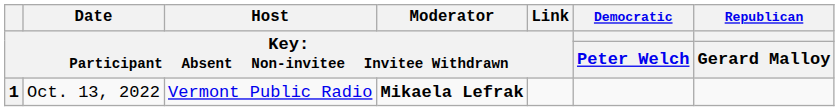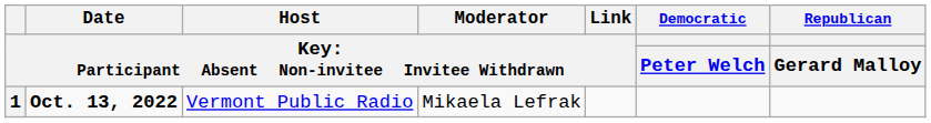 <table class="wikitable" style="text-align:center;">
 <tr style="font-size:small;">
 <th scope="col"></th>
 <th scope="col">Date</th>
 <th scope="col">Host</th>
 <th scope="col">Moderator</th>
 <th scope="col">Link</th>
 <th scope="col"><small><a href='#'>Democratic</a></small></th>
 <th scope="col"><small><a href='#'>Republican</a></small></th>
 </tr>
 <tr>
 <th colspan="5" rowspan="2">Key:<br> <small>Participant </small>  <small>Absent </small>  <small>Non-invitee </small>  <small>Invitee  Withdrawn</small></th>
 <th scope="col" style="background:"></th>
 <th scope="col" style="background:"></th>
 </tr>
 <tr>
 <th scope="col"><a href='#'>Peter Welch</a></th>
 <th scope="col">Gerard Malloy</th>
 </tr>
 <tr>
 <th scope="row">1</th>
-<td style="white-space:nowrap;">Oct. 13, 2022</td>
+<td style="white-space:nowrap;"><strong>Oct. 13, 2022</strong></td>
 <td style="white-space:nowrap;"><a href='#'>Vermont Public Radio</a></td>
-<td style="white-space:nowrap;"><strong>Mikaela Lefrak</strong></td>
+<td style="white-space:nowrap;">Mikaela Lefrak</td>
 <td style="white-space:nowrap;"></td>
 <td></td>
 <td></td>
 </tr>
 </table>
